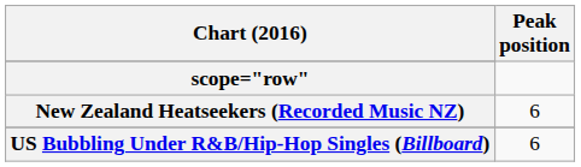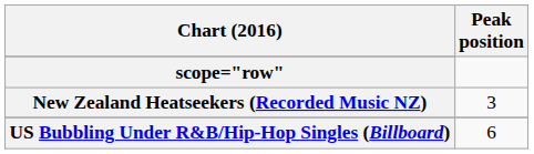 <table class="wikitable sortable plainrowheaders" style="text-align:center">
 <tr>
 <th scope="col">Chart (2016)</th>
 <th scope="col">Peak<br> position</th>
 </tr>
 <tr>
 </tr>
 <tr>
 </tr>
 <tr>
 </tr>
 <tr>
 <th>scope="row" </th>
 </tr>
 <tr>
 <th scope="row">New Zealand Heatseekers (<a href='#'>Recorded Music NZ</a>)</th>
-<td>6</td>
+<td>3</td>
 </tr>
 <tr>
 </tr>
 <tr>
 </tr>
 <tr>
 </tr>
 <tr>
 <th scope="row">US <a href='#'>Bubbling Under R&B/Hip-Hop Singles</a> (<em><a href='#'>Billboard</a></em>)</th>
 <td>6</td>
 </tr>
 </table>
